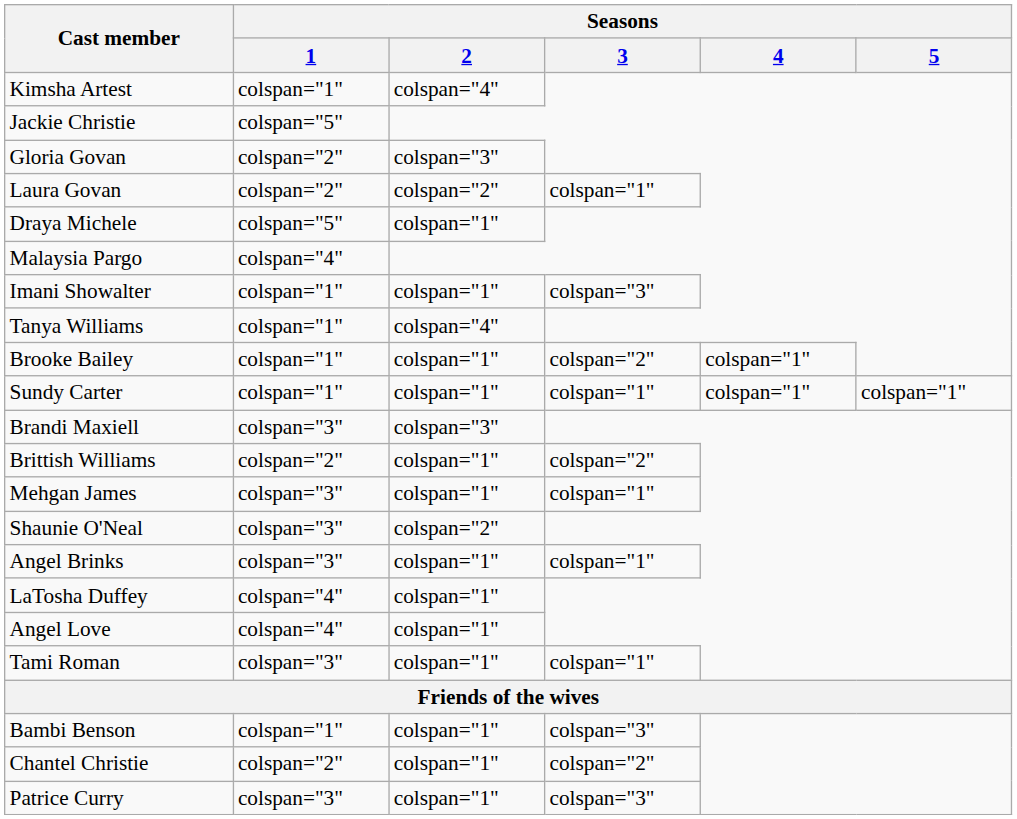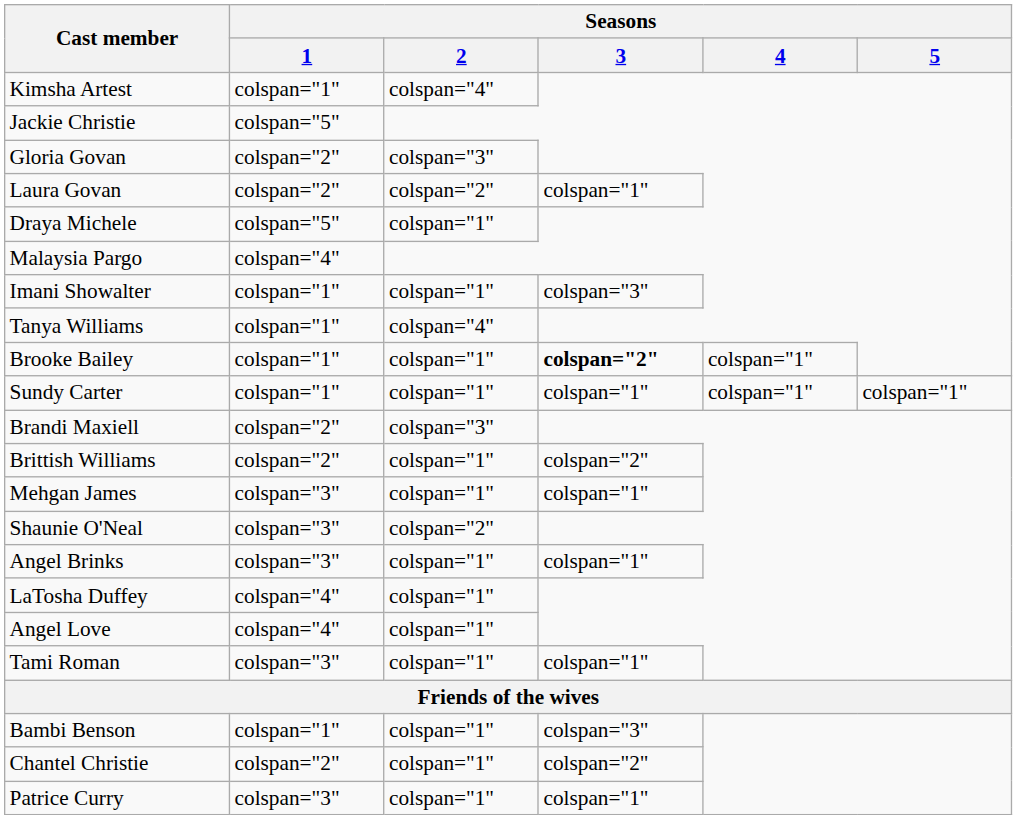 <table class="wikitable plainrowheaders" style="width:60%;">
 <tr>
 <th rowspan="2" style="width:12.5%;">Cast member</th>
 <th colspan="6">Seasons</th>
 </tr>
 <tr>
 <th style="width:5%;"><a href='#'>1</a></th>
 <th style="width:5%;"><a href='#'>2</a></th>
 <th style="width:5%;"><a href='#'>3</a></th>
 <th style="width:5%;"><a href='#'>4</a></th>
 <th style="width:5%;"><a href='#'>5</a></th>
 </tr>
 <tr>
 <td>Kimsha Artest</td>
 <td>colspan="1" </td>
 <td>colspan="4" </td>
 </tr>
 <tr>
 <td>Jackie Christie</td>
 <td>colspan="5" </td>
 </tr>
 <tr>
 <td>Gloria Govan</td>
 <td>colspan="2" </td>
 <td>colspan="3" </td>
 </tr>
 <tr>
 <td>Laura Govan</td>
 <td>colspan="2" </td>
 <td>colspan="2" </td>
 <td>colspan="1" </td>
 </tr>
 <tr>
 <td>Draya Michele</td>
 <td>colspan="5" </td>
 <td>colspan="1" </td>
 </tr>
 <tr>
 <td>Malaysia Pargo</td>
 <td>colspan="4" </td>
 </tr>
 <tr>
 <td>Imani Showalter</td>
 <td>colspan="1" </td>
 <td>colspan="1" </td>
 <td>colspan="3" </td>
 </tr>
 <tr>
 <td>Tanya Williams</td>
 <td>colspan="1" </td>
 <td>colspan="4" </td>
 </tr>
 <tr>
 <td>Brooke Bailey</td>
 <td>colspan="1" </td>
 <td>colspan="1" </td>
-<td>colspan="2" </td>
+<td><strong>colspan="2" </strong></td>
 <td>colspan="1" </td>
 </tr>
 <tr>
 <td>Sundy Carter</td>
 <td>colspan="1" </td>
 <td>colspan="1" </td>
 <td>colspan="1" </td>
 <td>colspan="1" </td>
 <td>colspan="1" </td>
 </tr>
 <tr>
 <td>Brandi Maxiell</td>
-<td>colspan="3" </td>
+<td>colspan="2" </td>
 <td>colspan="3" </td>
 </tr>
 <tr>
 <td>Brittish Williams</td>
 <td>colspan="2" </td>
 <td>colspan="1" </td>
 <td>colspan="2" </td>
 </tr>
 <tr>
 <td>Mehgan James</td>
 <td>colspan="3" </td>
 <td>colspan="1" </td>
 <td>colspan="1" </td>
 </tr>
 <tr>
 <td>Shaunie O'Neal</td>
 <td>colspan="3" </td>
 <td>colspan="2" </td>
 </tr>
 <tr>
 <td>Angel Brinks</td>
 <td>colspan="3" </td>
 <td>colspan="1" </td>
 <td>colspan="1" </td>
 </tr>
 <tr>
 <td>LaTosha Duffey</td>
 <td>colspan="4" </td>
 <td>colspan="1" </td>
 </tr>
 <tr>
 <td>Angel Love</td>
 <td>colspan="4" </td>
 <td>colspan="1" </td>
 </tr>
 <tr>
 <td>Tami Roman</td>
 <td>colspan="3" </td>
 <td>colspan="1" </td>
 <td>colspan="1" </td>
 </tr>
 <tr>
 <th colspan="6">Friends of the wives</th>
 </tr>
 <tr>
 <td>Bambi Benson</td>
 <td>colspan="1" </td>
 <td>colspan="1" </td>
 <td>colspan="3" </td>
 </tr>
 <tr>
 <td>Chantel Christie</td>
 <td>colspan="2" </td>
 <td>colspan="1" </td>
 <td>colspan="2" </td>
 </tr>
 <tr>
 <td>Patrice Curry</td>
 <td>colspan="3" </td>
 <td>colspan="1" </td>
-<td>colspan="3" </td>
+<td>colspan="1" </td>
 </tr>
 </table>
